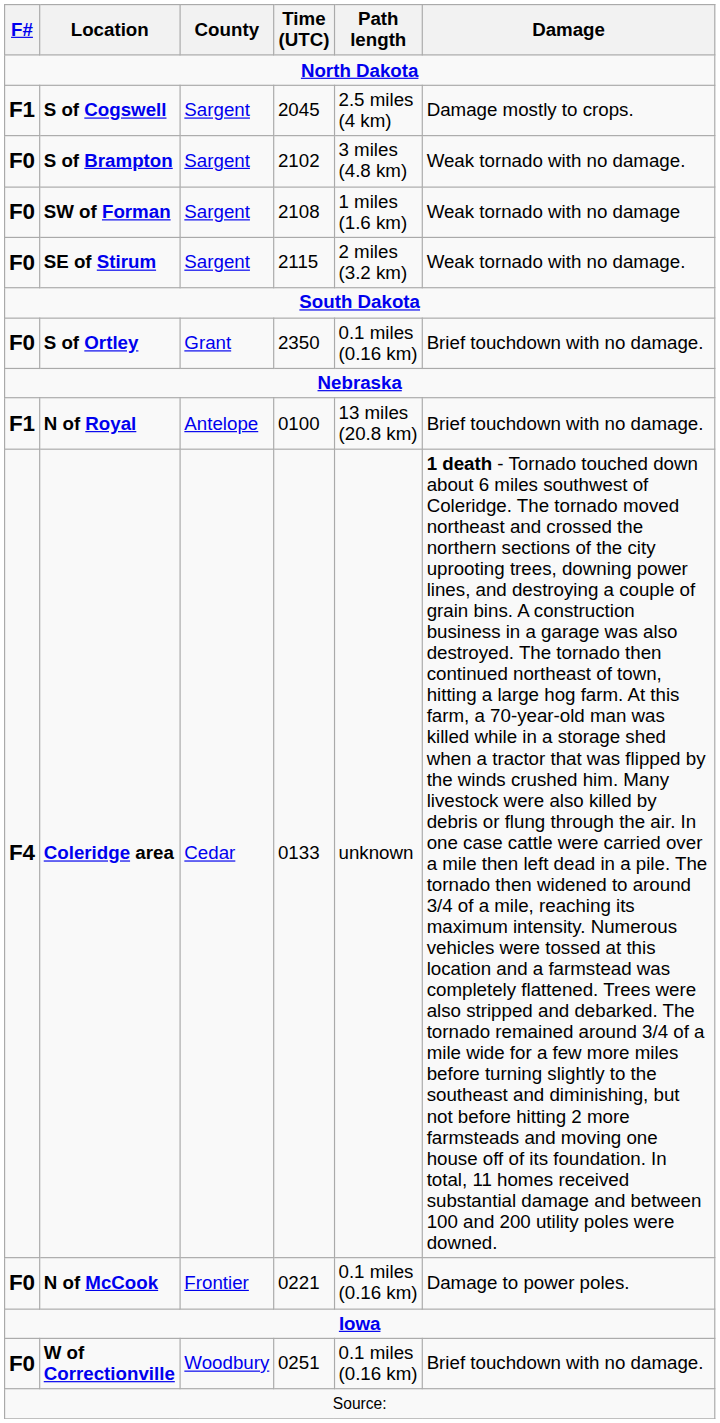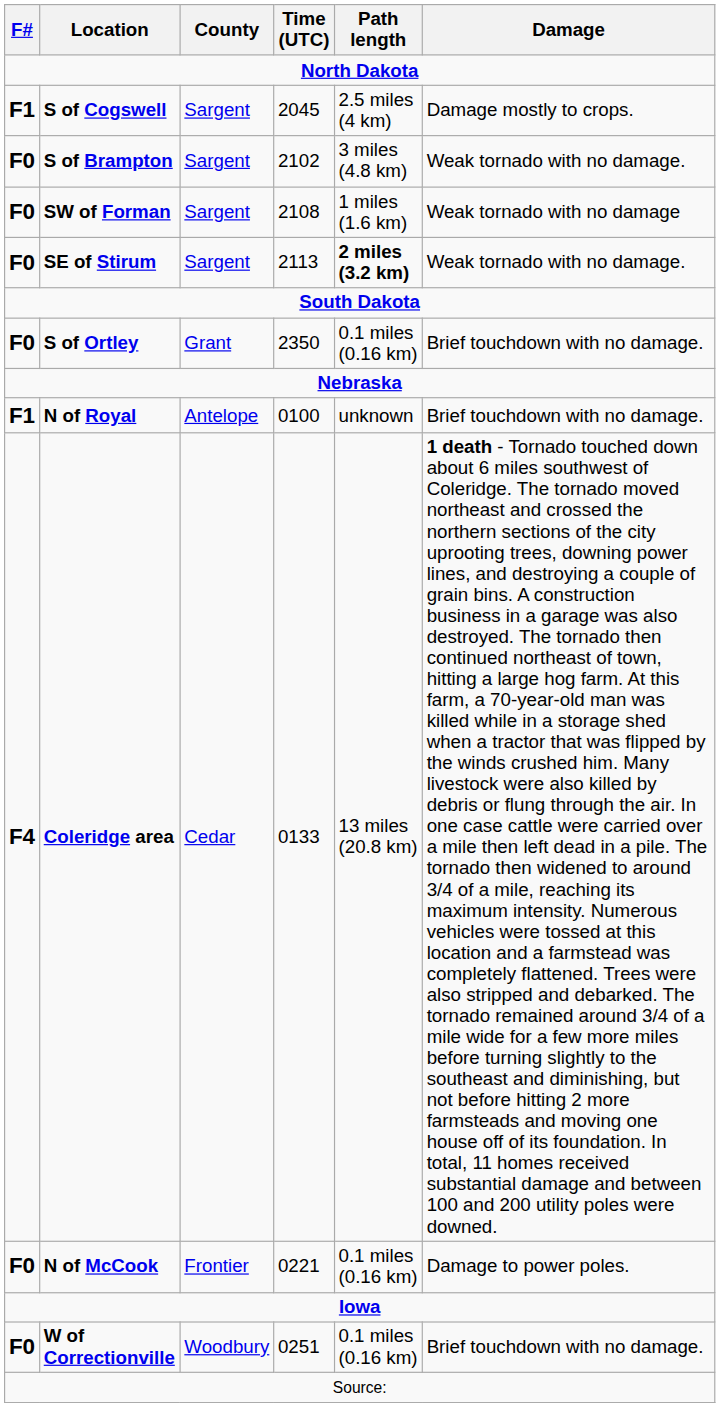 <table class="wikitable">
 <tr>
 <th><strong><a href='#'>F#</a></strong></th>
 <th><strong>Location</strong></th>
 <th><strong>County</strong></th>
 <th><strong>Time (UTC)</strong></th>
 <th><strong>Path length</strong></th>
 <th><strong>Damage</strong></th>
 </tr>
 <tr>
 <td colspan="7" align=center><strong><a href='#'>North Dakota</a></strong></td>
 </tr>
 <tr>
 <td><big><strong>F1</strong></big></td>
 <td><strong>S of <a href='#'>Cogswell</a></strong></td>
 <td><a href='#'>Sargent</a></td>
 <td>2045</td>
 <td>2.5 miles <br>(4 km)</td>
 <td>Damage mostly to crops.</td>
 </tr>
 <tr>
 <td><big><strong>F0</strong></big></td>
 <td><strong>S of <a href='#'>Brampton</a></strong></td>
 <td><a href='#'>Sargent</a></td>
 <td>2102</td>
 <td>3 miles <br>(4.8 km)</td>
 <td>Weak tornado with no damage.</td>
 </tr>
 <tr>
 <td><big><strong>F0</strong></big></td>
 <td><strong>SW of <a href='#'>Forman</a></strong></td>
 <td><a href='#'>Sargent</a></td>
 <td>2108</td>
 <td>1 miles <br>(1.6 km)</td>
 <td>Weak tornado with no damage</td>
 </tr>
 <tr>
 <td><big><strong>F0</strong></big></td>
 <td><strong>SE of <a href='#'>Stirum</a></strong></td>
 <td><a href='#'>Sargent</a></td>
-<td>2115</td>
-<td>2 miles <br>(3.2 km)</td>
+<td>2113</td>
+<td><strong>2 miles <br>(3.2 km)</strong></td>
 <td>Weak tornado with no damage.</td>
 </tr>
 <tr>
 <td colspan="7" align=center><strong><a href='#'>South Dakota</a></strong></td>
 </tr>
 <tr>
 <td><big><strong>F0</strong></big></td>
 <td><strong>S of <a href='#'>Ortley</a></strong></td>
 <td><a href='#'>Grant</a></td>
 <td>2350</td>
 <td>0.1 miles <br>(0.16 km)</td>
 <td>Brief touchdown with no damage.</td>
 </tr>
 <tr>
 <td colspan="7" align=center><strong><a href='#'>Nebraska</a></strong></td>
 </tr>
 <tr>
 <td><big><strong>F1</strong></big></td>
 <td><strong>N of <a href='#'>Royal</a></strong></td>
 <td><a href='#'>Antelope</a></td>
 <td>0100</td>
-<td>13 miles <br>(20.8 km)</td>
+<td>unknown</td>
 <td>Brief touchdown with no damage.</td>
 </tr>
 <tr>
 <td><big><strong>F4</strong></big></td>
 <td><strong><a href='#'>Coleridge</a> area</strong></td>
 <td><a href='#'>Cedar</a></td>
 <td>0133</td>
-<td>unknown</td>
+<td>13 miles <br>(20.8 km)</td>
 <td><strong>1 death</strong> - Tornado touched down about 6 miles southwest of Coleridge. The tornado moved northeast and crossed the northern sections of the city uprooting trees, downing power lines, and destroying a couple of grain bins. A construction business in a garage was also destroyed. The tornado then continued northeast of town, hitting a large hog farm. At this farm, a 70-year-old man was killed while in a storage shed when a tractor that was flipped by the winds crushed him. Many livestock were also killed by debris or flung through the air. In one case cattle were carried over a mile then left dead in a pile. The tornado then widened to around 3/4 of a mile, reaching its maximum intensity. Numerous vehicles were tossed at this location and a farmstead was completely flattened. Trees were also stripped and debarked. The tornado remained around 3/4 of a mile wide for a few more miles before turning slightly to the southeast and diminishing, but not before hitting 2 more farmsteads and moving one house off of its foundation. In total, 11 homes received substantial damage and between 100 and 200 utility poles were downed.</td>
 </tr>
 <tr>
 <td><big><strong>F0</strong></big></td>
 <td><strong>N of <a href='#'>McCook</a></strong></td>
 <td><a href='#'>Frontier</a></td>
 <td>0221</td>
 <td>0.1 miles <br>(0.16 km)</td>
 <td>Damage to power poles.</td>
 </tr>
 <tr>
 <td colspan="7" align=center><strong><a href='#'>Iowa</a></strong></td>
 </tr>
 <tr>
 <td><big><strong>F0</strong></big></td>
 <td><strong>W of <a href='#'>Correctionville</a></strong></td>
 <td><a href='#'>Woodbury</a></td>
 <td>0251</td>
 <td>0.1 miles <br>(0.16 km)</td>
 <td>Brief touchdown with no damage.</td>
 </tr>
 <tr>
 <td colspan="7" align=center><small>Source: </small></td>
 </tr>
 <tr>
 </tr>
 </table>
